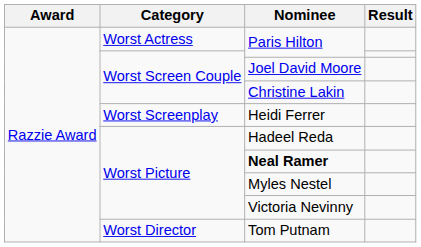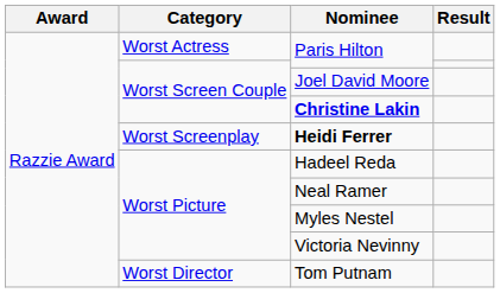 <table class="wikitable sortable">
 <tr>
 <th>Award</th>
 <th>Category</th>
 <th>Nominee</th>
 <th>Result</th>
 </tr>
 <tr>
 <td rowspan=10><a href='#'>Razzie Award</a></td>
 <td><a href='#'>Worst Actress</a></td>
 <td rowspan=2><a href='#'>Paris Hilton</a></td>
 <td></td>
 </tr>
 <tr>
 <td rowspan=3><a href='#'>Worst Screen Couple</a></td>
 <td></td>
 </tr>
 <tr>
 <td><a href='#'>Joel David Moore</a></td>
 <td></td>
 </tr>
 <tr>
-<td><a href='#'>Christine Lakin</a></td>
+<td><strong><a href='#'>Christine Lakin</a></strong></td>
 <td></td>
 </tr>
 <tr>
 <td><a href='#'>Worst Screenplay</a></td>
-<td>Heidi Ferrer</td>
+<td><strong>Heidi Ferrer</strong></td>
 <td></td>
 </tr>
 <tr>
 <td rowspan=4><a href='#'>Worst Picture</a></td>
 <td>Hadeel Reda</td>
 <td></td>
 </tr>
 <tr>
-<td><strong>Neal Ramer</strong></td>
+<td>Neal Ramer</td>
 <td></td>
 </tr>
 <tr>
 <td>Myles Nestel</td>
 <td></td>
 </tr>
 <tr>
 <td>Victoria Nevinny</td>
 <td></td>
 </tr>
 <tr>
 <td><a href='#'>Worst Director</a></td>
 <td>Tom Putnam</td>
 <td></td>
 </tr>
 </table>
